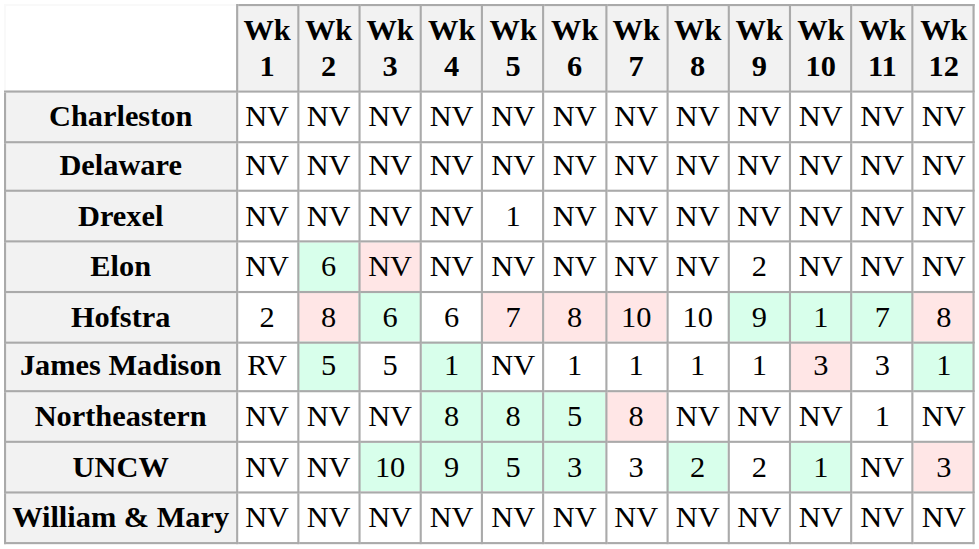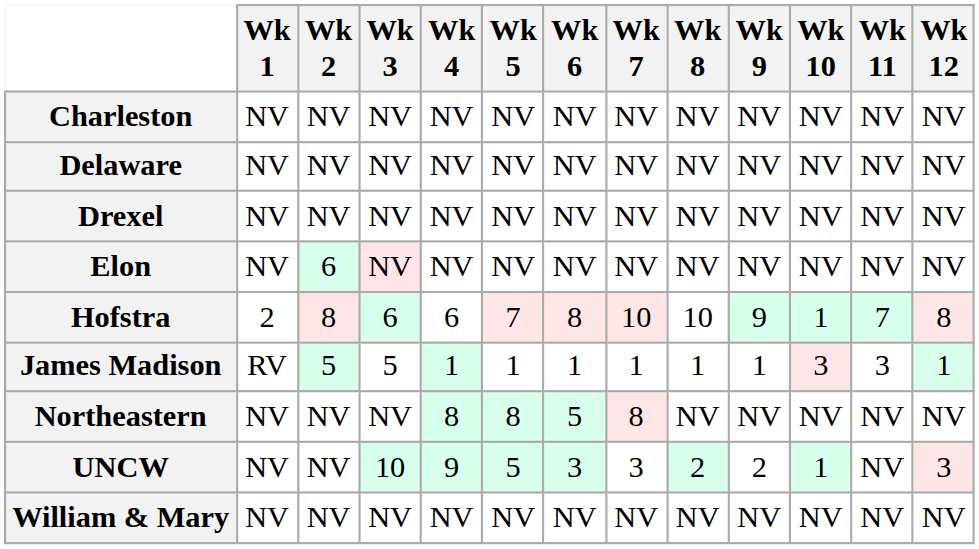 <table class="wikitable" style="white-space:nowrap;font-size:90%;text-align:center;">
 <tr>
 <th style="background:white; border-top-style:hidden; border-left-style:hidden;"> </th>
 <th>Wk<br> 1</th>
 <th>Wk<br>2</th>
 <th>Wk<br>3</th>
 <th>Wk<br>4</th>
 <th>Wk<br>5</th>
 <th>Wk<br>6</th>
 <th>Wk<br>7</th>
 <th>Wk<br>8</th>
 <th>Wk<br>9</th>
 <th>Wk<br>10</th>
 <th>Wk<br>11</th>
 <th>Wk<br>12</th>
 </tr>
 <tr>
 <th>Charleston</th>
 <td style="background:#FFF;">NV</td>
 <td style="background:#FFF;">NV</td>
 <td style="background:#FFF;">NV</td>
 <td style="background:#FFF;">NV</td>
 <td style="background:#FFF;">NV</td>
 <td style="background:#FFF;">NV</td>
 <td style="background:#FFF;">NV</td>
 <td style="background:#FFF;">NV</td>
 <td style="background:#FFF;">NV</td>
 <td style="background:#FFF;">NV</td>
 <td style="background:#FFF;">NV</td>
 <td style="background:#FFF;">NV</td>
 </tr>
 <tr>
 <th>Delaware</th>
 <td style="background:#FFF;">NV</td>
 <td style="background:#FFF;">NV</td>
 <td style="background:#FFF;">NV</td>
 <td style="background:#FFF;">NV</td>
 <td style="background:#FFF;">NV</td>
 <td style="background:#FFF;">NV</td>
 <td style="background:#FFF;">NV</td>
 <td style="background:#FFF;">NV</td>
 <td style="background:#FFF;">NV</td>
 <td style="background:#FFF;">NV</td>
 <td style="background:#FFF;">NV</td>
 <td style="background:#FFF;">NV</td>
 </tr>
 <tr>
 <th>Drexel</th>
 <td style="background:#FFF;">NV</td>
 <td style="background:#FFF;">NV</td>
 <td style="background:#FFF;">NV</td>
 <td style="background:#FFF;">NV</td>
-<td style="background:#FFF;">1</td>
+<td style="background:#FFF;">NV</td>
 <td style="background:#FFF;">NV</td>
 <td style="background:#FFF;">NV</td>
 <td style="background:#FFF;">NV</td>
 <td style="background:#FFF;">NV</td>
 <td style="background:#FFF;">NV</td>
 <td style="background:#FFF;">NV</td>
 <td style="background:#FFF;">NV</td>
 </tr>
 <tr>
 <th>Elon</th>
 <td style="background:#FFF;">NV</td>
 <td style="background:#d8ffeb;">6</td>
 <td style="background:#ffe6e6;">NV</td>
 <td style="background:#FFF;">NV</td>
 <td style="background:#FFF;">NV</td>
 <td style="background:#FFF;">NV</td>
 <td style="background:#FFF;">NV</td>
 <td style="background:#FFF;">NV</td>
-<td style="background:#FFF;">2</td>
+<td style="background:#FFF;">NV</td>
 <td style="background:#FFF;">NV</td>
 <td style="background:#FFF;">NV</td>
 <td style="background:#FFF;">NV</td>
 </tr>
 <tr>
 <th>Hofstra</th>
 <td style="background:#FFF;">2</td>
 <td style="background:#ffe6e6;">8</td>
 <td style="background:#d8ffeb;">6</td>
 <td style="background:#FFF;">6</td>
 <td style="background:#ffe6e6;">7</td>
 <td style="background:#ffe6e6;">8</td>
 <td style="background:#ffe6e6;">10</td>
 <td style="background:#FFF;">10</td>
 <td style="background:#d8ffeb;">9</td>
 <td style="background:#d8ffeb;">1</td>
 <td style="background:#d8ffeb;">7</td>
 <td style="background:#ffe6e6;">8</td>
 </tr>
 <tr>
 <th>James Madison</th>
 <td style="background:#FFF;">RV</td>
 <td style="background:#d8ffeb;">5</td>
 <td style="background:#FFF;">5</td>
 <td style="background:#d8ffeb;">1</td>
-<td style="background:#FFF;">NV</td>
+<td style="background:#FFF;">1</td>
 <td style="background:#FFF;">1</td>
 <td style="background:#FFF;">1</td>
 <td style="background:#FFF;">1</td>
 <td style="background:#FFF;">1</td>
 <td style="background:#ffe6e6;">3</td>
 <td style="background:#FFF;">3</td>
 <td style="background:#d8ffeb;">1</td>
 </tr>
 <tr>
 <th>Northeastern</th>
 <td style="background:#FFF;">NV</td>
 <td style="background:#FFF;">NV</td>
 <td style="background:#FFF;">NV</td>
 <td style="background:#d8ffeb;">8</td>
 <td style="background:#d8ffeb;">8</td>
 <td style="background:#d8ffeb;">5</td>
 <td style="background:#ffe6e6;">8</td>
 <td style="background:#FFF;">NV</td>
 <td style="background:#FFF;">NV</td>
 <td style="background:#FFF;">NV</td>
-<td style="background:#FFF;">1</td>
+<td style="background:#FFF;">NV</td>
 <td style="background:#FFF;">NV</td>
 </tr>
 <tr>
 <th>UNCW</th>
 <td style="background:#FFF;">NV</td>
 <td style="background:#FFF;">NV</td>
 <td style="background:#d8ffeb;">10</td>
 <td style="background:#d8ffeb;">9</td>
 <td style="background:#d8ffeb;">5</td>
 <td style="background:#d8ffeb;">3</td>
 <td style="background:#FFF;">3</td>
 <td style="background:#d8ffeb;">2</td>
 <td style="background:#FFF;">2</td>
 <td style="background:#d8ffeb;">1</td>
 <td style="background:#FFF;">NV</td>
 <td style="background:#ffe6e6;">3</td>
 </tr>
 <tr>
 <th>William & Mary</th>
 <td style="background:#FFF;">NV</td>
 <td style="background:#FFF;">NV</td>
 <td style="background:#FFF;">NV</td>
 <td style="background:#FFF;">NV</td>
 <td style="background:#FFF;">NV</td>
 <td style="background:#FFF;">NV</td>
 <td style="background:#FFF;">NV</td>
 <td style="background:#FFF;">NV</td>
 <td style="background:#FFF;">NV</td>
 <td style="background:#FFF;">NV</td>
 <td style="background:#FFF;">NV</td>
 <td style="background:#FFF;">NV</td>
 </tr>
 </table>
